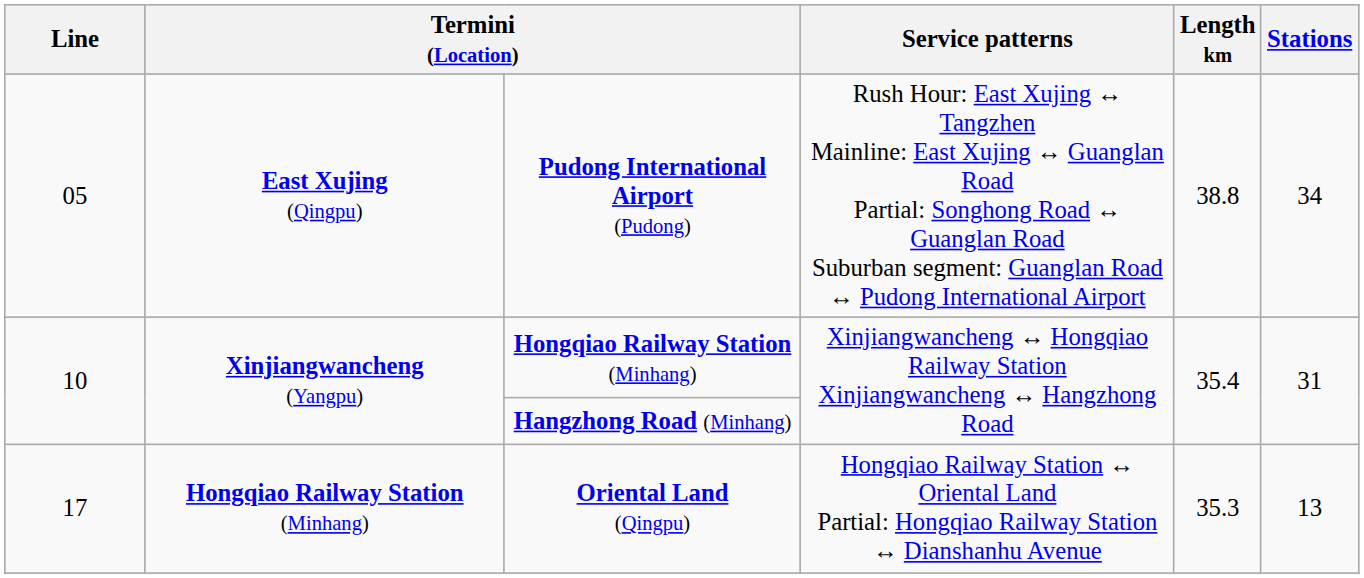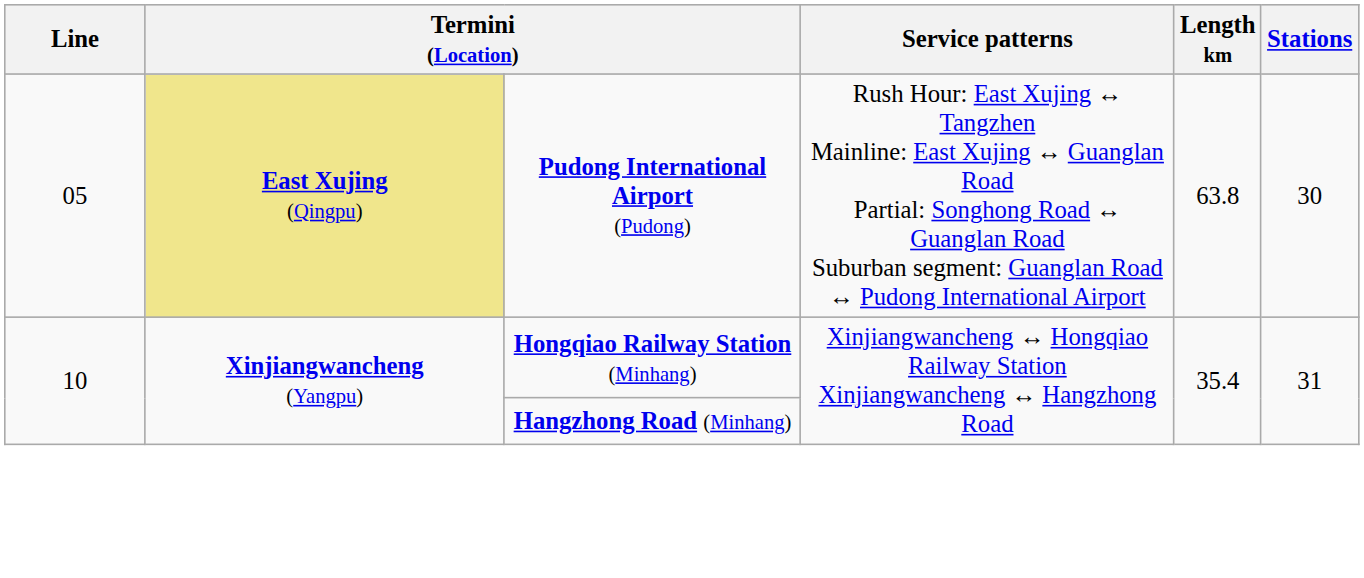 <table class="wikitable sortable" style="cell-padding:1.5; font-size:96%; text-align:center;">
 <tr>
 <th data-sort-type="text" style="width:80px;">Line</th>
 <th colspan="2" class="unsortable" style="width:400px;">Termini<br><small>(<a href='#'>Location</a>)</small></th>
 <th class="unsortable" style="width:225px;">Service patterns</th>
 <th style="width: 25px;">Length<br><small>km</small></th>
 <th style="width: 25px;"><a href='#'>Stations</a></th>
 </tr>
 <tr>
 <td style="text-align:center;"><span>05</span></td>
-<td style="text-align:center; width:100px;"><strong><a href='#'>East Xujing</a></strong><small><br>(<a href='#'>Qingpu</a>)</small></td>
+<td style="background: khaki; text-align:center; width:100px;"><strong><a href='#'>East Xujing</a></strong><small><br>(<a href='#'>Qingpu</a>)</small></td>
 <td style="text-align:center; width:100px;"><strong><a href='#'>Pudong International Airport</a></strong><small><br>(<a href='#'>Pudong</a>)</small></td>
 <td style="text-align:center;">Rush Hour: <a href='#'>East Xujing</a> ↔ <a href='#'>Tangzhen</a><br>Mainline: <a href='#'>East Xujing</a> ↔ <a href='#'>Guanglan Road</a><br>Partial: <a href='#'>Songhong Road</a> ↔ <a href='#'>Guanglan Road</a><br>Suburban segment: <a href='#'>Guanglan Road</a> ↔ <a href='#'>Pudong International Airport</a></td>
-<td style="text-align:center;">38.8</td>
-<td style="text-align:center;">34</td>
+<td style="text-align:center;">63.8</td>
+<td style="text-align:center;">30</td>
 </tr>
 <tr>
 <td rowspan="2" style="text-align:center;"><span>10</span></td>
 <td rowspan="2" style="text-align:center; width:100px;"><strong><a href='#'>Xinjiangwancheng</a></strong><small><br>(<a href='#'>Yangpu</a>)</small></td>
 <td style="text-align:center; width:100px;"><strong><a href='#'>Hongqiao Railway Station</a></strong> <small>(<a href='#'>Minhang</a>)</small></td>
 <td rowspan="2" style="text-align:center;"><a href='#'>Xinjiangwancheng</a> ↔ <a href='#'>Hongqiao Railway Station</a><br><a href='#'>Xinjiangwancheng</a> ↔ <a href='#'>Hangzhong Road</a></td>
 <td rowspan="2" style="text-align:center;">35.4</td>
 <td rowspan="2" style="text-align:center;">31</td>
 </tr>
 <tr>
 <td><strong><a href='#'>Hangzhong Road</a></strong> <small>(<a href='#'>Minhang</a>)</small></td>
 </tr>
-<tr>
-<td style="text-align:center;"><span>17</span></td>
-<td style="text-align:center; width:100px;"><strong><a href='#'>Hongqiao Railway Station</a></strong><small><br>(<a href='#'>Minhang</a>)</small></td>
-<td style="text-align:center; width:100px;"><strong><a href='#'>Oriental Land</a></strong><small><br>(<a href='#'>Qingpu</a>)</small></td>
-<td style="text-align:center;"><a href='#'>Hongqiao Railway Station</a> ↔ <a href='#'>Oriental Land</a><br>Partial: <a href='#'>Hongqiao Railway Station</a> ↔ <a href='#'>Dianshanhu Avenue</a></td>
-<td style="text-align:center;">35.3</td>
-<td style="text-align:center;">13</td>
-</tr>
 </table>
